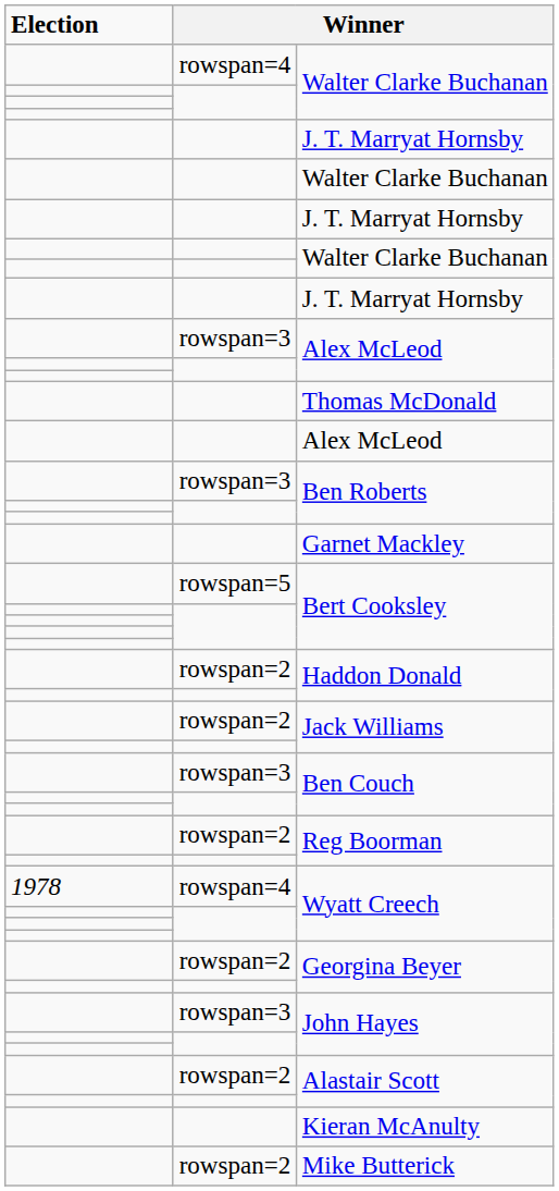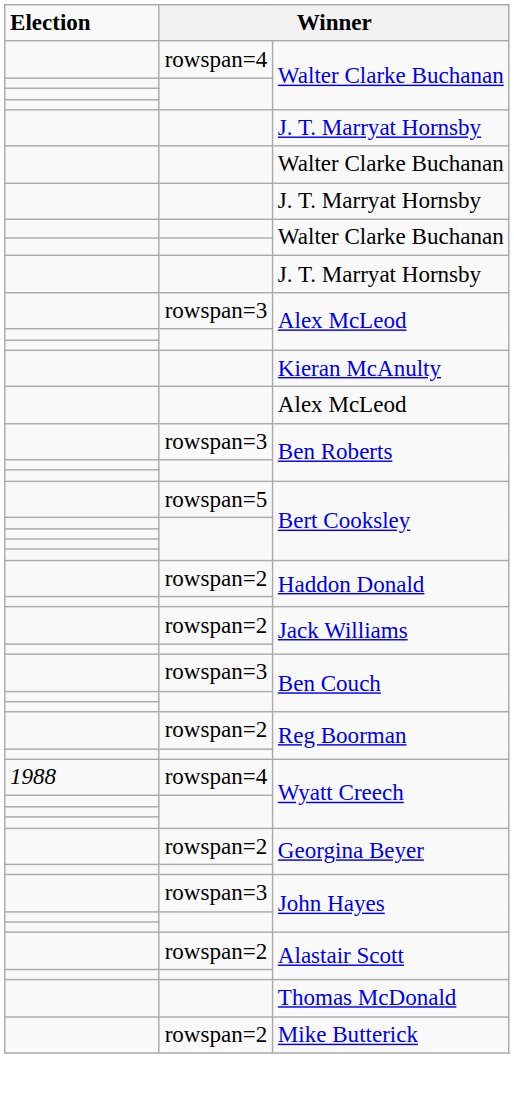 <table class=wikitable>
 <tr>
 <td width=100><strong>Election</strong></td>
 <th width=175 colspan=2>Winner</th>
 </tr>
 <tr>
 <td></td>
 <td>rowspan=4 </td>
 <td rowspan=4><a href='#'>Walter Clarke Buchanan</a></td>
 </tr>
 <tr>
 <td></td>
 </tr>
 <tr>
 <td></td>
 </tr>
 <tr>
 <td></td>
 </tr>
 <tr>
 <td></td>
 <td></td>
 <td><a href='#'>J. T. Marryat Hornsby</a></td>
 </tr>
 <tr>
 <td></td>
 <td></td>
 <td>Walter Clarke Buchanan</td>
 </tr>
 <tr>
 <td></td>
 <td></td>
 <td>J. T. Marryat Hornsby</td>
 </tr>
 <tr>
 <td></td>
 <td></td>
 <td rowspan=2>Walter Clarke Buchanan</td>
 </tr>
 <tr>
 <td></td>
 <td></td>
 </tr>
 <tr>
 <td></td>
 <td></td>
 <td>J. T. Marryat Hornsby</td>
 </tr>
 <tr>
 <td></td>
 <td>rowspan=3 </td>
 <td rowspan=3><a href='#'>Alex McLeod</a></td>
 </tr>
 <tr>
 <td></td>
 </tr>
 <tr>
 <td></td>
 </tr>
 <tr>
 <td></td>
 <td></td>
-<td><a href='#'>Thomas McDonald</a></td>
+<td><a href='#'>Kieran McAnulty</a></td>
 </tr>
 <tr>
 <td></td>
 <td></td>
 <td>Alex McLeod</td>
 </tr>
 <tr>
 <td></td>
 <td>rowspan=3 </td>
 <td rowspan=3><a href='#'>Ben Roberts</a></td>
 </tr>
 <tr>
 <td></td>
 </tr>
 <tr>
 <td></td>
-</tr>
-<tr>
-<td></td>
-<td></td>
-<td><a href='#'>Garnet Mackley</a></td>
 </tr>
 <tr>
 <td></td>
 <td>rowspan=5 </td>
 <td rowspan=5><a href='#'>Bert Cooksley</a></td>
 </tr>
 <tr>
 <td></td>
 </tr>
 <tr>
 <td></td>
 </tr>
 <tr>
 <td></td>
 </tr>
 <tr>
 <td></td>
 </tr>
 <tr>
 <td></td>
 <td>rowspan=2 </td>
 <td rowspan=2><a href='#'>Haddon Donald</a></td>
 </tr>
 <tr>
 <td></td>
 </tr>
 <tr>
 <td></td>
 <td>rowspan=2 </td>
 <td rowspan=2><a href='#'>Jack Williams</a></td>
 </tr>
 <tr>
 <td></td>
 </tr>
 <tr>
 <td></td>
 <td>rowspan=3 </td>
 <td rowspan=3><a href='#'>Ben Couch</a></td>
 </tr>
 <tr>
 <td></td>
 </tr>
 <tr>
 <td></td>
 </tr>
 <tr>
 <td></td>
 <td>rowspan=2 </td>
 <td rowspan=2><a href='#'>Reg Boorman</a></td>
 </tr>
 <tr>
 <td></td>
 </tr>
 <tr>
-<td><em>1978</em></td>
+<td><em>1988</em></td>
 <td>rowspan=4 </td>
 <td rowspan=4><a href='#'>Wyatt Creech</a></td>
 </tr>
 <tr>
 <td></td>
 </tr>
 <tr>
 <td></td>
 </tr>
 <tr>
 <td></td>
 </tr>
 <tr>
 <td></td>
 <td>rowspan=2 </td>
 <td rowspan=2><a href='#'>Georgina Beyer</a></td>
 </tr>
 <tr>
 <td></td>
 </tr>
 <tr>
 <td></td>
 <td>rowspan=3 </td>
 <td rowspan=3><a href='#'>John Hayes</a></td>
 </tr>
 <tr>
 <td></td>
 </tr>
 <tr>
 <td></td>
 </tr>
 <tr>
 <td></td>
 <td>rowspan=2 </td>
 <td rowspan=2><a href='#'>Alastair Scott</a></td>
 </tr>
 <tr>
 <td></td>
 </tr>
 <tr>
 <td></td>
 <td></td>
-<td><a href='#'>Kieran McAnulty</a></td>
+<td><a href='#'>Thomas McDonald</a></td>
 </tr>
 <tr>
 <td></td>
 <td>rowspan=2 </td>
 <td rowspan=2><a href='#'>Mike Butterick</a></td>
 </tr>
 </table>
